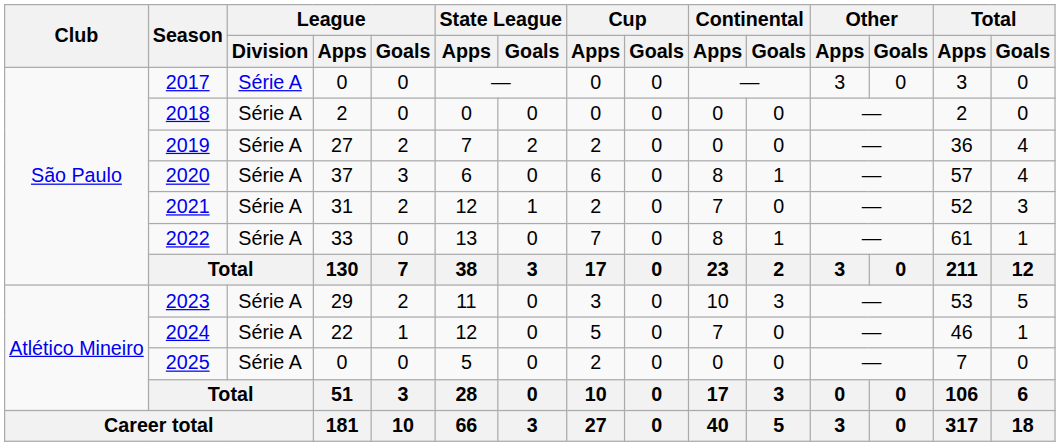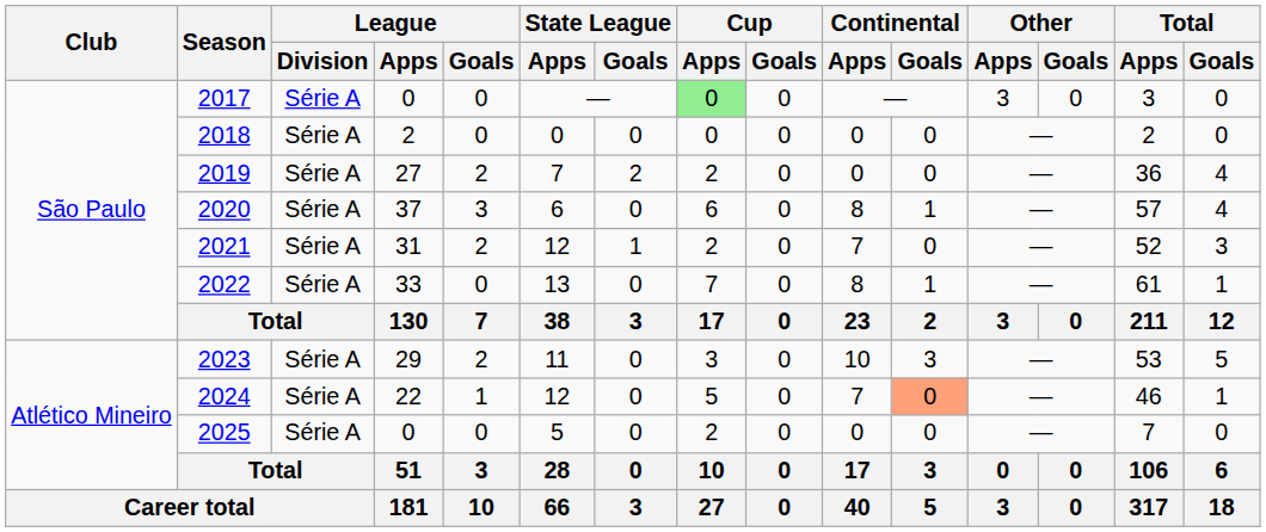 <table class="wikitable" style="text-align:center">
 <tr>
 <th rowspan="2">Club</th>
 <th rowspan="2">Season</th>
 <th colspan="3">League</th>
 <th colspan="2">State League</th>
 <th colspan="2">Cup</th>
 <th colspan="2">Continental</th>
 <th colspan="2">Other</th>
 <th colspan="2">Total</th>
 </tr>
 <tr>
 <th>Division</th>
 <th>Apps</th>
 <th>Goals</th>
 <th>Apps</th>
 <th>Goals</th>
 <th>Apps</th>
 <th>Goals</th>
 <th>Apps</th>
 <th>Goals</th>
 <th>Apps</th>
 <th>Goals</th>
 <th>Apps</th>
 <th>Goals</th>
 </tr>
 <tr>
 <td rowspan="7"><a href='#'>São Paulo</a></td>
 <td><a href='#'>2017</a></td>
 <td><a href='#'>Série A</a></td>
 <td>0</td>
 <td>0</td>
 <td colspan="2">—</td>
-<td>0</td>
+<td style="background: lightgreen;">0</td>
 <td>0</td>
 <td colspan="2">—</td>
 <td>3</td>
 <td>0</td>
 <td>3</td>
 <td>0</td>
 </tr>
 <tr>
 <td><a href='#'>2018</a></td>
 <td>Série A</td>
 <td>2</td>
 <td>0</td>
 <td>0</td>
 <td>0</td>
 <td>0</td>
 <td>0</td>
 <td>0</td>
 <td>0</td>
 <td colspan="2">—</td>
 <td>2</td>
 <td>0</td>
 </tr>
 <tr>
 <td><a href='#'>2019</a></td>
 <td>Série A</td>
 <td>27</td>
 <td>2</td>
 <td>7</td>
 <td>2</td>
 <td>2</td>
 <td>0</td>
 <td>0</td>
 <td>0</td>
 <td colspan="2">—</td>
 <td>36</td>
 <td>4</td>
 </tr>
 <tr>
 <td><a href='#'>2020</a></td>
 <td>Série A</td>
 <td>37</td>
 <td>3</td>
 <td>6</td>
 <td>0</td>
 <td>6</td>
 <td>0</td>
 <td>8</td>
 <td>1</td>
 <td colspan="2">—</td>
 <td>57</td>
 <td>4</td>
 </tr>
 <tr>
 <td><a href='#'>2021</a></td>
 <td>Série A</td>
 <td>31</td>
 <td>2</td>
 <td>12</td>
 <td>1</td>
 <td>2</td>
 <td>0</td>
 <td>7</td>
 <td>0</td>
 <td colspan="2">—</td>
 <td>52</td>
 <td>3</td>
 </tr>
 <tr>
 <td><a href='#'>2022</a></td>
 <td>Série A</td>
 <td>33</td>
 <td>0</td>
 <td>13</td>
 <td>0</td>
 <td>7</td>
 <td>0</td>
 <td>8</td>
 <td>1</td>
 <td colspan="2">—</td>
 <td>61</td>
 <td>1</td>
 </tr>
 <tr>
 <th colspan="2">Total</th>
 <th>130</th>
 <th>7</th>
 <th>38</th>
 <th>3</th>
 <th>17</th>
 <th>0</th>
 <th>23</th>
 <th>2</th>
 <th>3</th>
 <th>0</th>
 <th>211</th>
 <th>12</th>
 </tr>
 <tr>
 <td rowspan="4"><a href='#'>Atlético Mineiro</a></td>
 <td><a href='#'>2023</a></td>
 <td>Série A</td>
 <td>29</td>
 <td>2</td>
 <td>11</td>
 <td>0</td>
 <td>3</td>
 <td>0</td>
 <td>10</td>
 <td>3</td>
 <td colspan="2">—</td>
 <td>53</td>
 <td>5</td>
 </tr>
 <tr>
 <td><a href='#'>2024</a></td>
 <td>Série A</td>
 <td>22</td>
 <td>1</td>
 <td>12</td>
 <td>0</td>
 <td>5</td>
 <td>0</td>
 <td>7</td>
-<td>0</td>
+<td style="background: lightsalmon;">0</td>
 <td colspan="2">—</td>
 <td>46</td>
 <td>1</td>
 </tr>
 <tr>
 <td><a href='#'>2025</a></td>
 <td>Série A</td>
 <td>0</td>
 <td>0</td>
 <td>5</td>
 <td>0</td>
 <td>2</td>
 <td>0</td>
 <td>0</td>
 <td>0</td>
 <td colspan="2">—</td>
 <td>7</td>
 <td>0</td>
 </tr>
 <tr>
 <th colspan="2">Total</th>
 <th>51</th>
 <th>3</th>
 <th>28</th>
 <th>0</th>
 <th>10</th>
 <th>0</th>
 <th>17</th>
 <th>3</th>
 <th>0</th>
 <th>0</th>
 <th>106</th>
 <th>6</th>
 </tr>
 <tr>
 <th colspan="3">Career total</th>
 <th>181</th>
 <th>10</th>
 <th>66</th>
 <th>3</th>
 <th>27</th>
 <th>0</th>
 <th>40</th>
 <th>5</th>
 <th>3</th>
 <th>0</th>
 <th>317</th>
 <th>18</th>
 </tr>
 </table>
